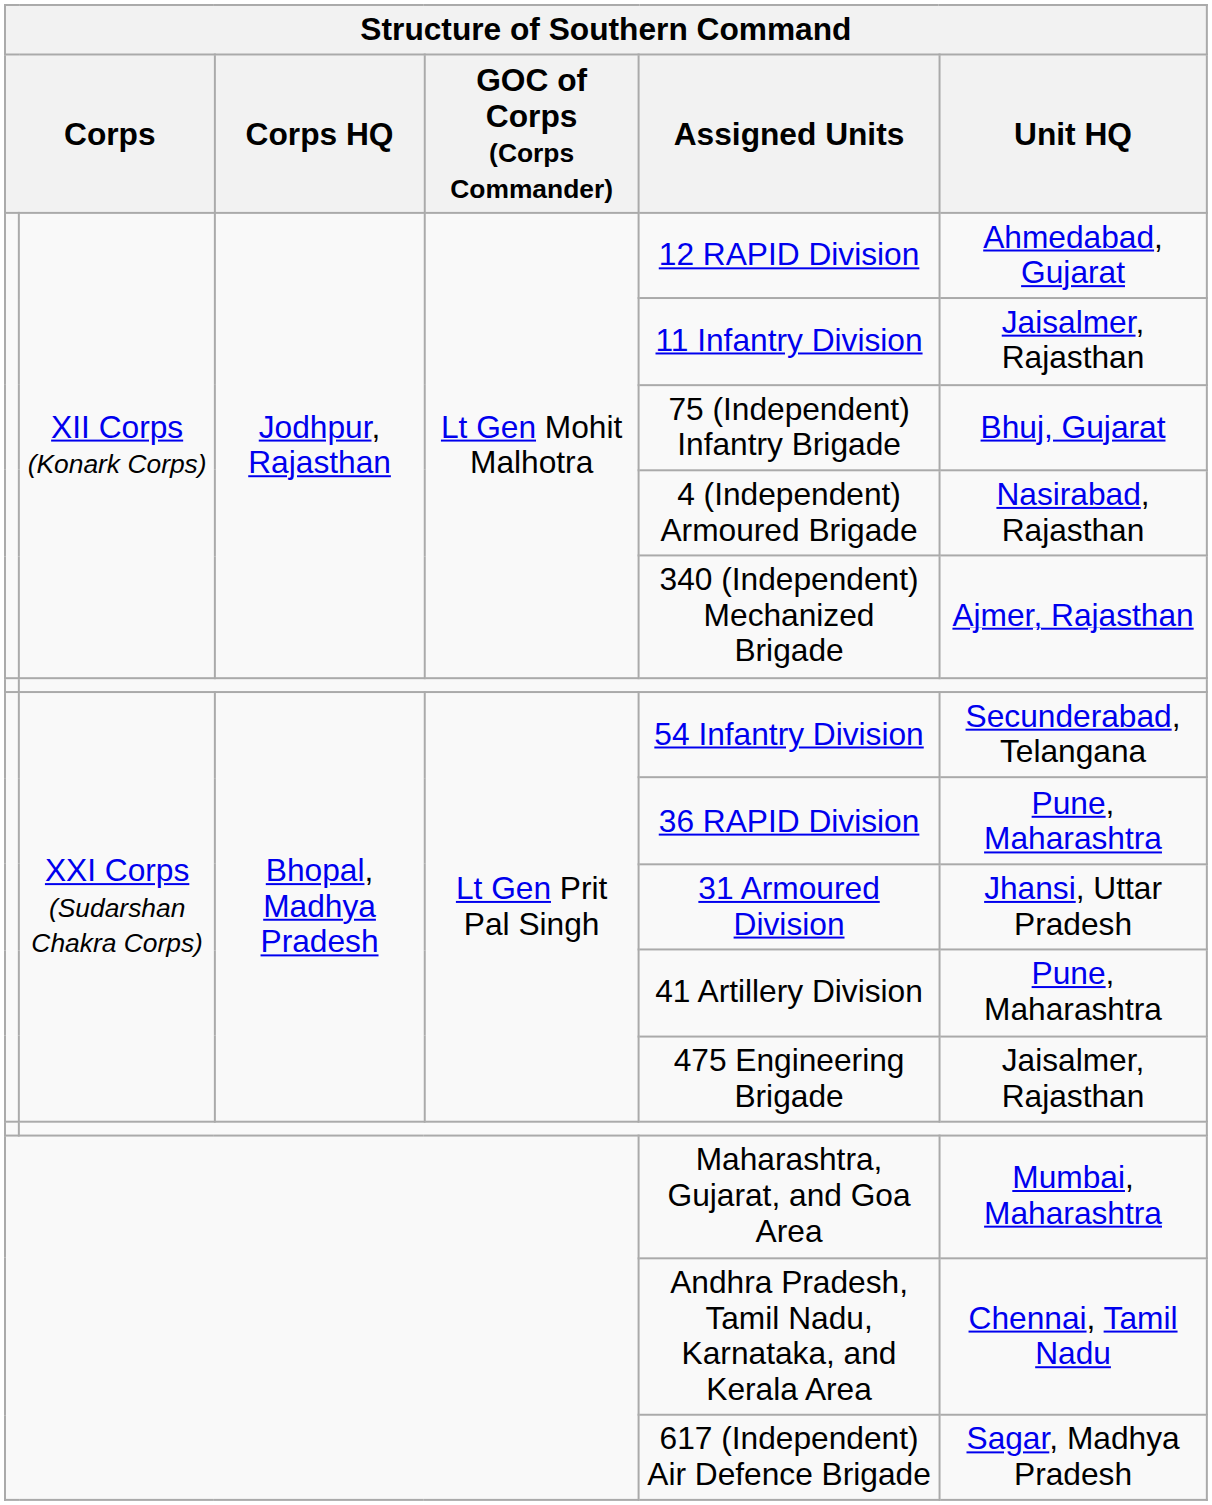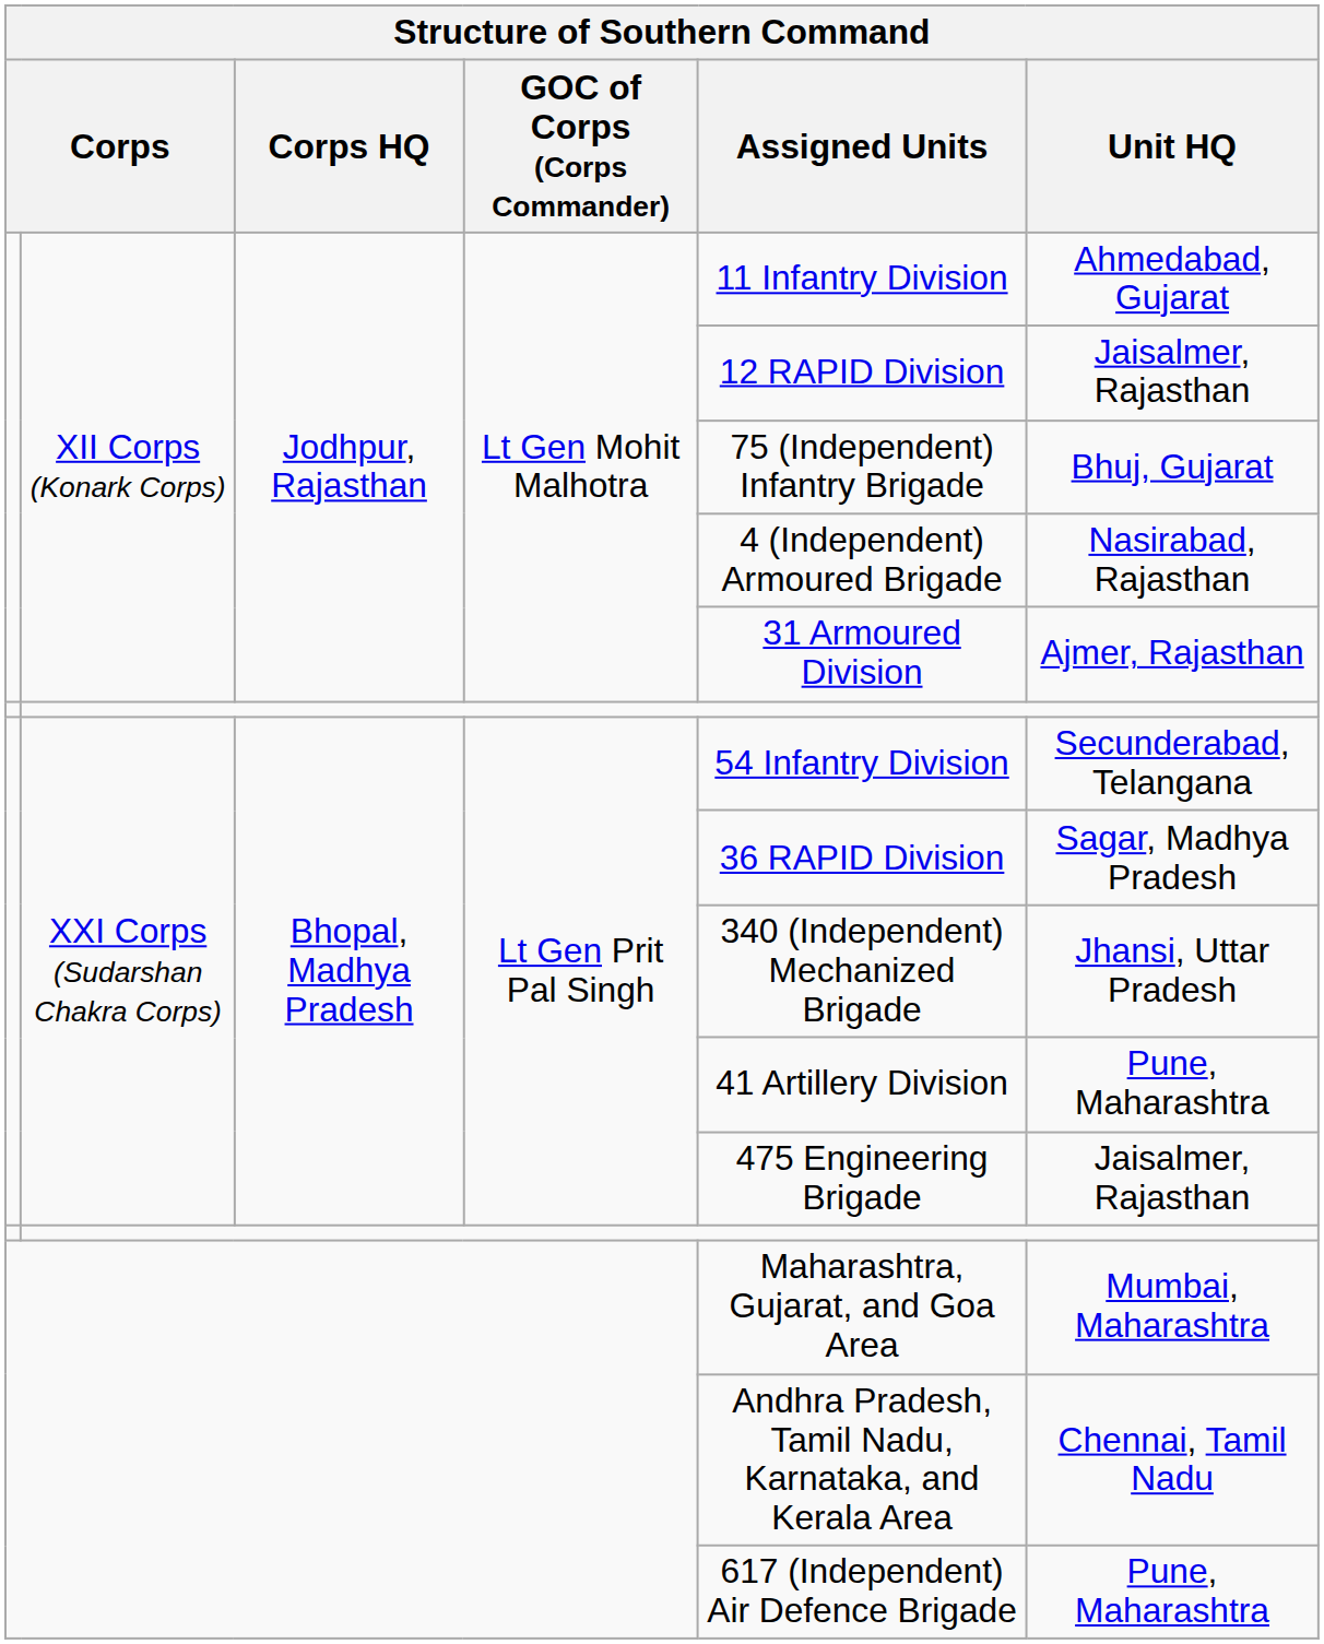 <table class="wikitable" style="text-align:center">
 <tr>
 <th colspan="6">Structure of Southern Command</th>
 </tr>
 <tr>
 <th colspan="2">Corps</th>
 <th>Corps HQ</th>
 <th>GOC of Corps<br><small>(Corps Commander)</small></th>
 <th>Assigned Units</th>
 <th>Unit HQ</th>
 </tr>
 <tr>
 <td rowspan="5"></td>
 <td rowspan="5"><a href='#'>XII Corps</a><br><em><small>(Konark Corps)</small></em></td>
 <td rowspan="5"><a href='#'>Jodhpur</a>, <a href='#'>Rajasthan</a></td>
 <td rowspan="5"><a href='#'>Lt Gen</a> Mohit Malhotra</td>
-<td><a href='#'>12 RAPID Division</a></td>
+<td><a href='#'>11 Infantry Division</a></td>
 <td><a href='#'>Ahmedabad</a>, <a href='#'>Gujarat</a></td>
 </tr>
 <tr>
-<td><a href='#'>11 Infantry Division</a></td>
+<td><a href='#'>12 RAPID Division</a></td>
 <td><a href='#'>Jaisalmer</a>, Rajasthan</td>
 </tr>
 <tr>
 <td>75 (Independent) Infantry Brigade</td>
 <td><a href='#'>Bhuj, Gujarat</a></td>
 </tr>
 <tr>
 <td>4 (Independent) Armoured Brigade</td>
 <td><a href='#'>Nasirabad</a>, Rajasthan</td>
 </tr>
 <tr>
-<td>340 (Independent) Mechanized Brigade</td>
+<td><a href='#'>31 Armoured Division</a></td>
 <td><a href='#'>Ajmer, Rajasthan</a></td>
 </tr>
 <tr>
 <td></td>
 <td colspan="5"></td>
 </tr>
 <tr>
 <td rowspan="5"></td>
 <td rowspan="5"><a href='#'>XXI Corps</a><br><em><small>(Sudarshan Chakra Corps)</small></em></td>
 <td rowspan="5"><a href='#'>Bhopal</a>, <a href='#'>Madhya Pradesh</a></td>
 <td rowspan="5"><a href='#'>Lt Gen</a> Prit Pal Singh</td>
 <td><a href='#'>54 Infantry Division</a></td>
 <td><a href='#'>Secunderabad</a>, Telangana</td>
 </tr>
 <tr>
 <td><a href='#'>36 RAPID Division</a></td>
-<td><a href='#'>Pune</a>, <a href='#'>Maharashtra</a></td>
+<td><a href='#'>Sagar</a>, Madhya Pradesh</td>
 </tr>
 <tr>
-<td><a href='#'>31 Armoured Division</a></td>
+<td>340 (Independent) Mechanized Brigade</td>
 <td><a href='#'>Jhansi</a>, Uttar Pradesh</td>
 </tr>
 <tr>
 <td>41  Artillery Division</td>
 <td><a href='#'>Pune</a>, Maharashtra</td>
 </tr>
 <tr>
 <td>475 Engineering Brigade</td>
 <td>Jaisalmer, Rajasthan</td>
 </tr>
 <tr>
 <td></td>
 <td colspan="5"></td>
 </tr>
 <tr>
 <td colspan="4" rowspan="3"></td>
 <td>Maharashtra, Gujarat, and Goa Area</td>
 <td><a href='#'>Mumbai</a>, <a href='#'>Maharashtra</a></td>
 </tr>
 <tr>
 <td>Andhra Pradesh, Tamil Nadu,<br>Karnataka, and Kerala Area</td>
 <td><a href='#'>Chennai</a>, <a href='#'>Tamil Nadu</a></td>
 </tr>
 <tr>
 <td>617 (Independent) Air Defence Brigade</td>
-<td><a href='#'>Sagar</a>, Madhya Pradesh</td>
+<td><a href='#'>Pune</a>, <a href='#'>Maharashtra</a></td>
 </tr>
 </table>
